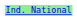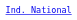 <table>
 <tr>
 <td></td>
 <td></td>
 <td></td>
 </tr>
 <tr>
 <td></td>
-<td style="background: lightgreen;"><span><span> </span> <a href='#'>Ind. National</a></span></td>
+<td><span><span> </span> <a href='#'>Ind. National</a></span></td>
 </tr>
 </table>
